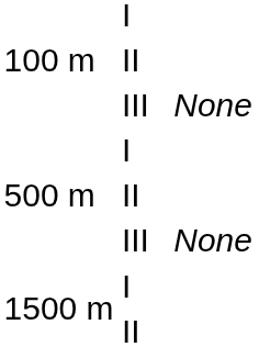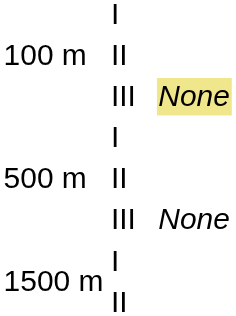 <table>
 <tr>
 <td rowspan="3">100 m</td>
 <td>I<br></td>
 <td></td>
 <td></td>
 <td></td>
 </tr>
 <tr>
 <td>II<br></td>
 <td></td>
 <td></td>
 <td></td>
 </tr>
 <tr>
 <td>III<br></td>
 <td></td>
 <td></td>
-<td align="center"><em>None</em></td>
+<td align="center" style="background: khaki;"><em>None</em></td>
 </tr>
 <tr>
 <td rowspan="3">500 m</td>
 <td>I<br></td>
 <td></td>
 <td></td>
 <td></td>
 </tr>
 <tr>
 <td>II<br></td>
 <td></td>
 <td></td>
 <td></td>
 </tr>
 <tr>
 <td>III<br></td>
 <td></td>
 <td></td>
 <td align="center"><em>None</em></td>
 </tr>
 <tr>
 <td rowspan="2">1500 m</td>
 <td>I<br></td>
 <td></td>
 <td></td>
 <td></td>
 </tr>
 <tr>
 <td>II<br></td>
 <td></td>
 <td></td>
 <td></td>
 </tr>
 </table>
